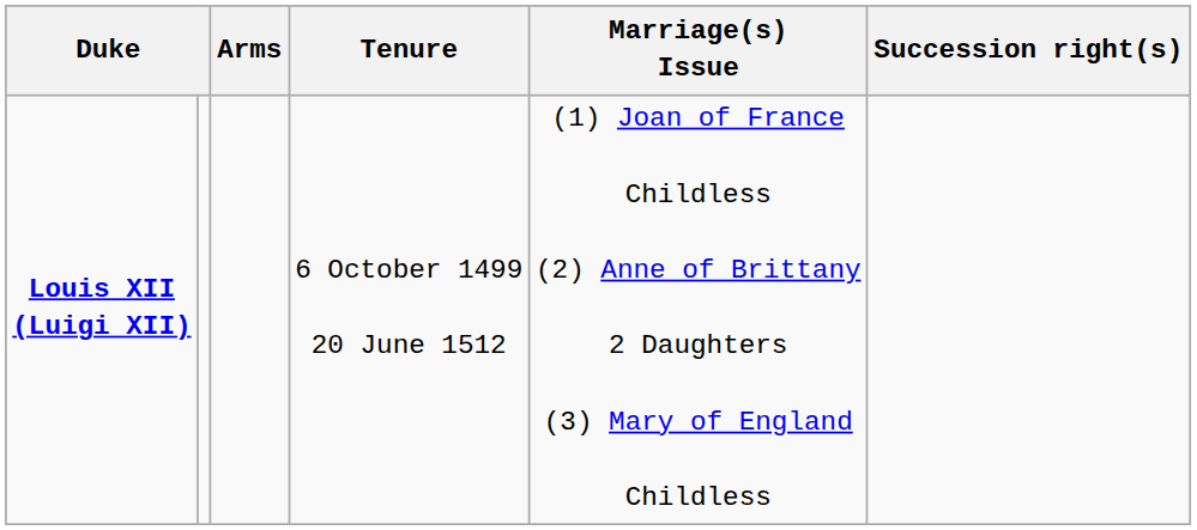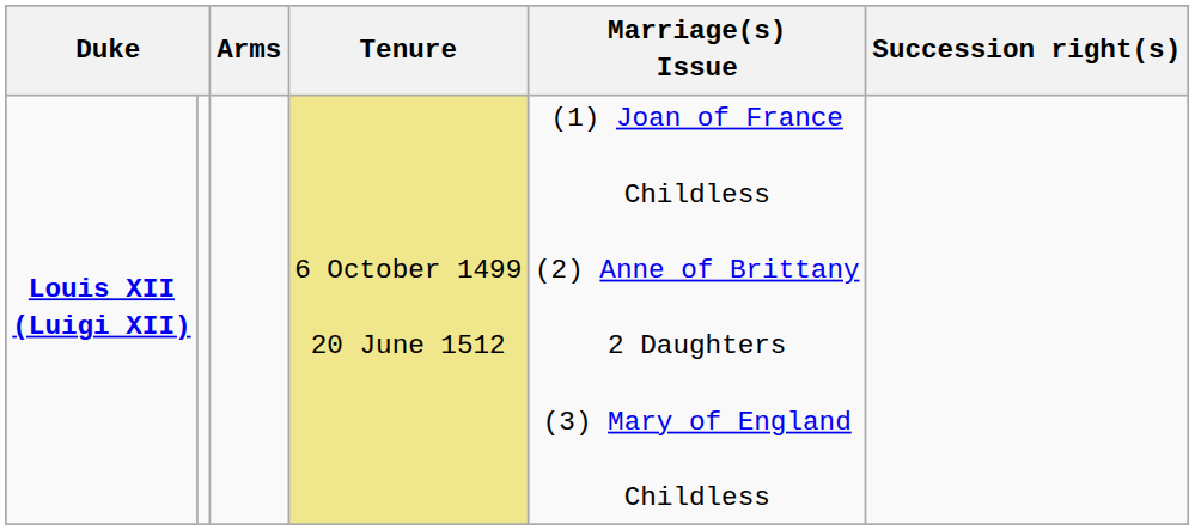 <table class="wikitable" style="line-height:1.4em; text-align:center">
 <tr>
 <th colspan=2>Duke</th>
 <th>Arms</th>
 <th>Tenure</th>
 <th>Marriage(s)<br>Issue</th>
 <th>Succession right(s)</th>
 </tr>
 <tr>
 <td><strong><a href='#'>Louis XII<br><span><span>(Luigi XII)</span></span></a></strong><br></td>
 <td></td>
 <td></td>
-<td>6 October 1499<br><br>20 June 1512</td>
+<td style="background: khaki;">6 October 1499<br><br>20 June 1512</td>
 <td>(1) <a href='#'>Joan of France</a><br><br>Childless<br><br>(2) <a href='#'>Anne of Brittany</a><br><br>2 Daughters<br><br>(3) <a href='#'>Mary of England</a><br><br>Childless</td>
 <td></td>
 </tr>
 </table>
